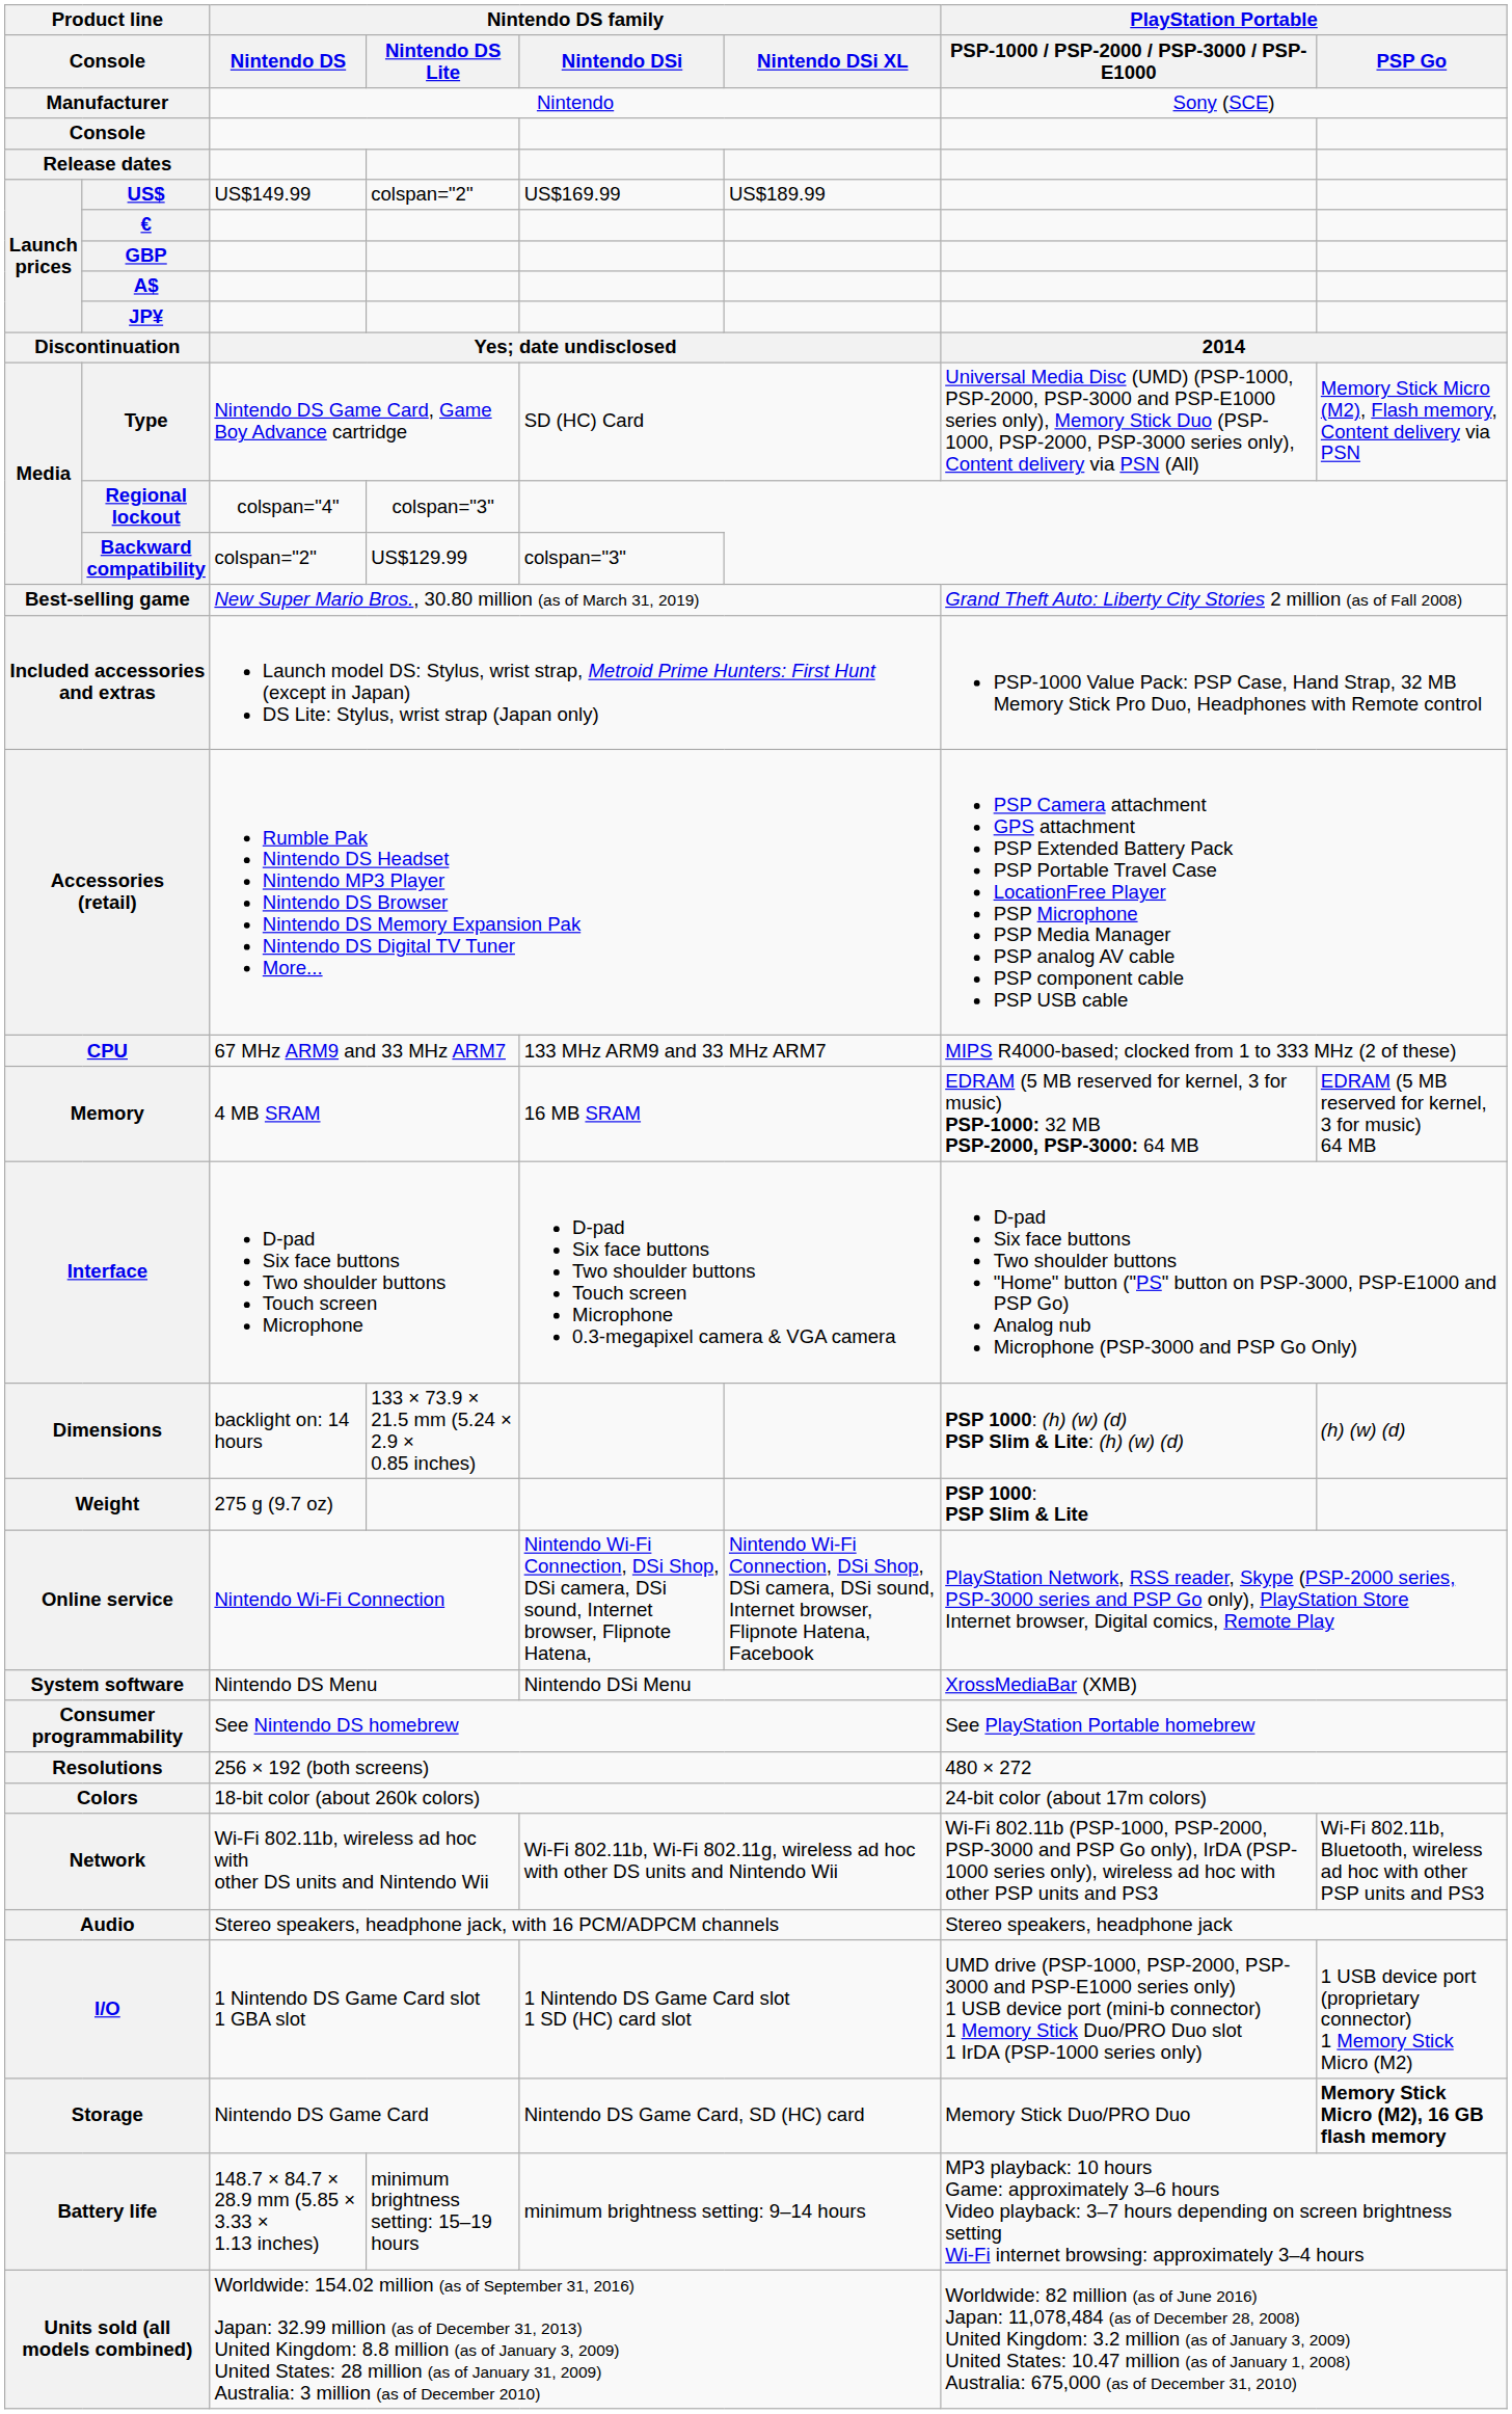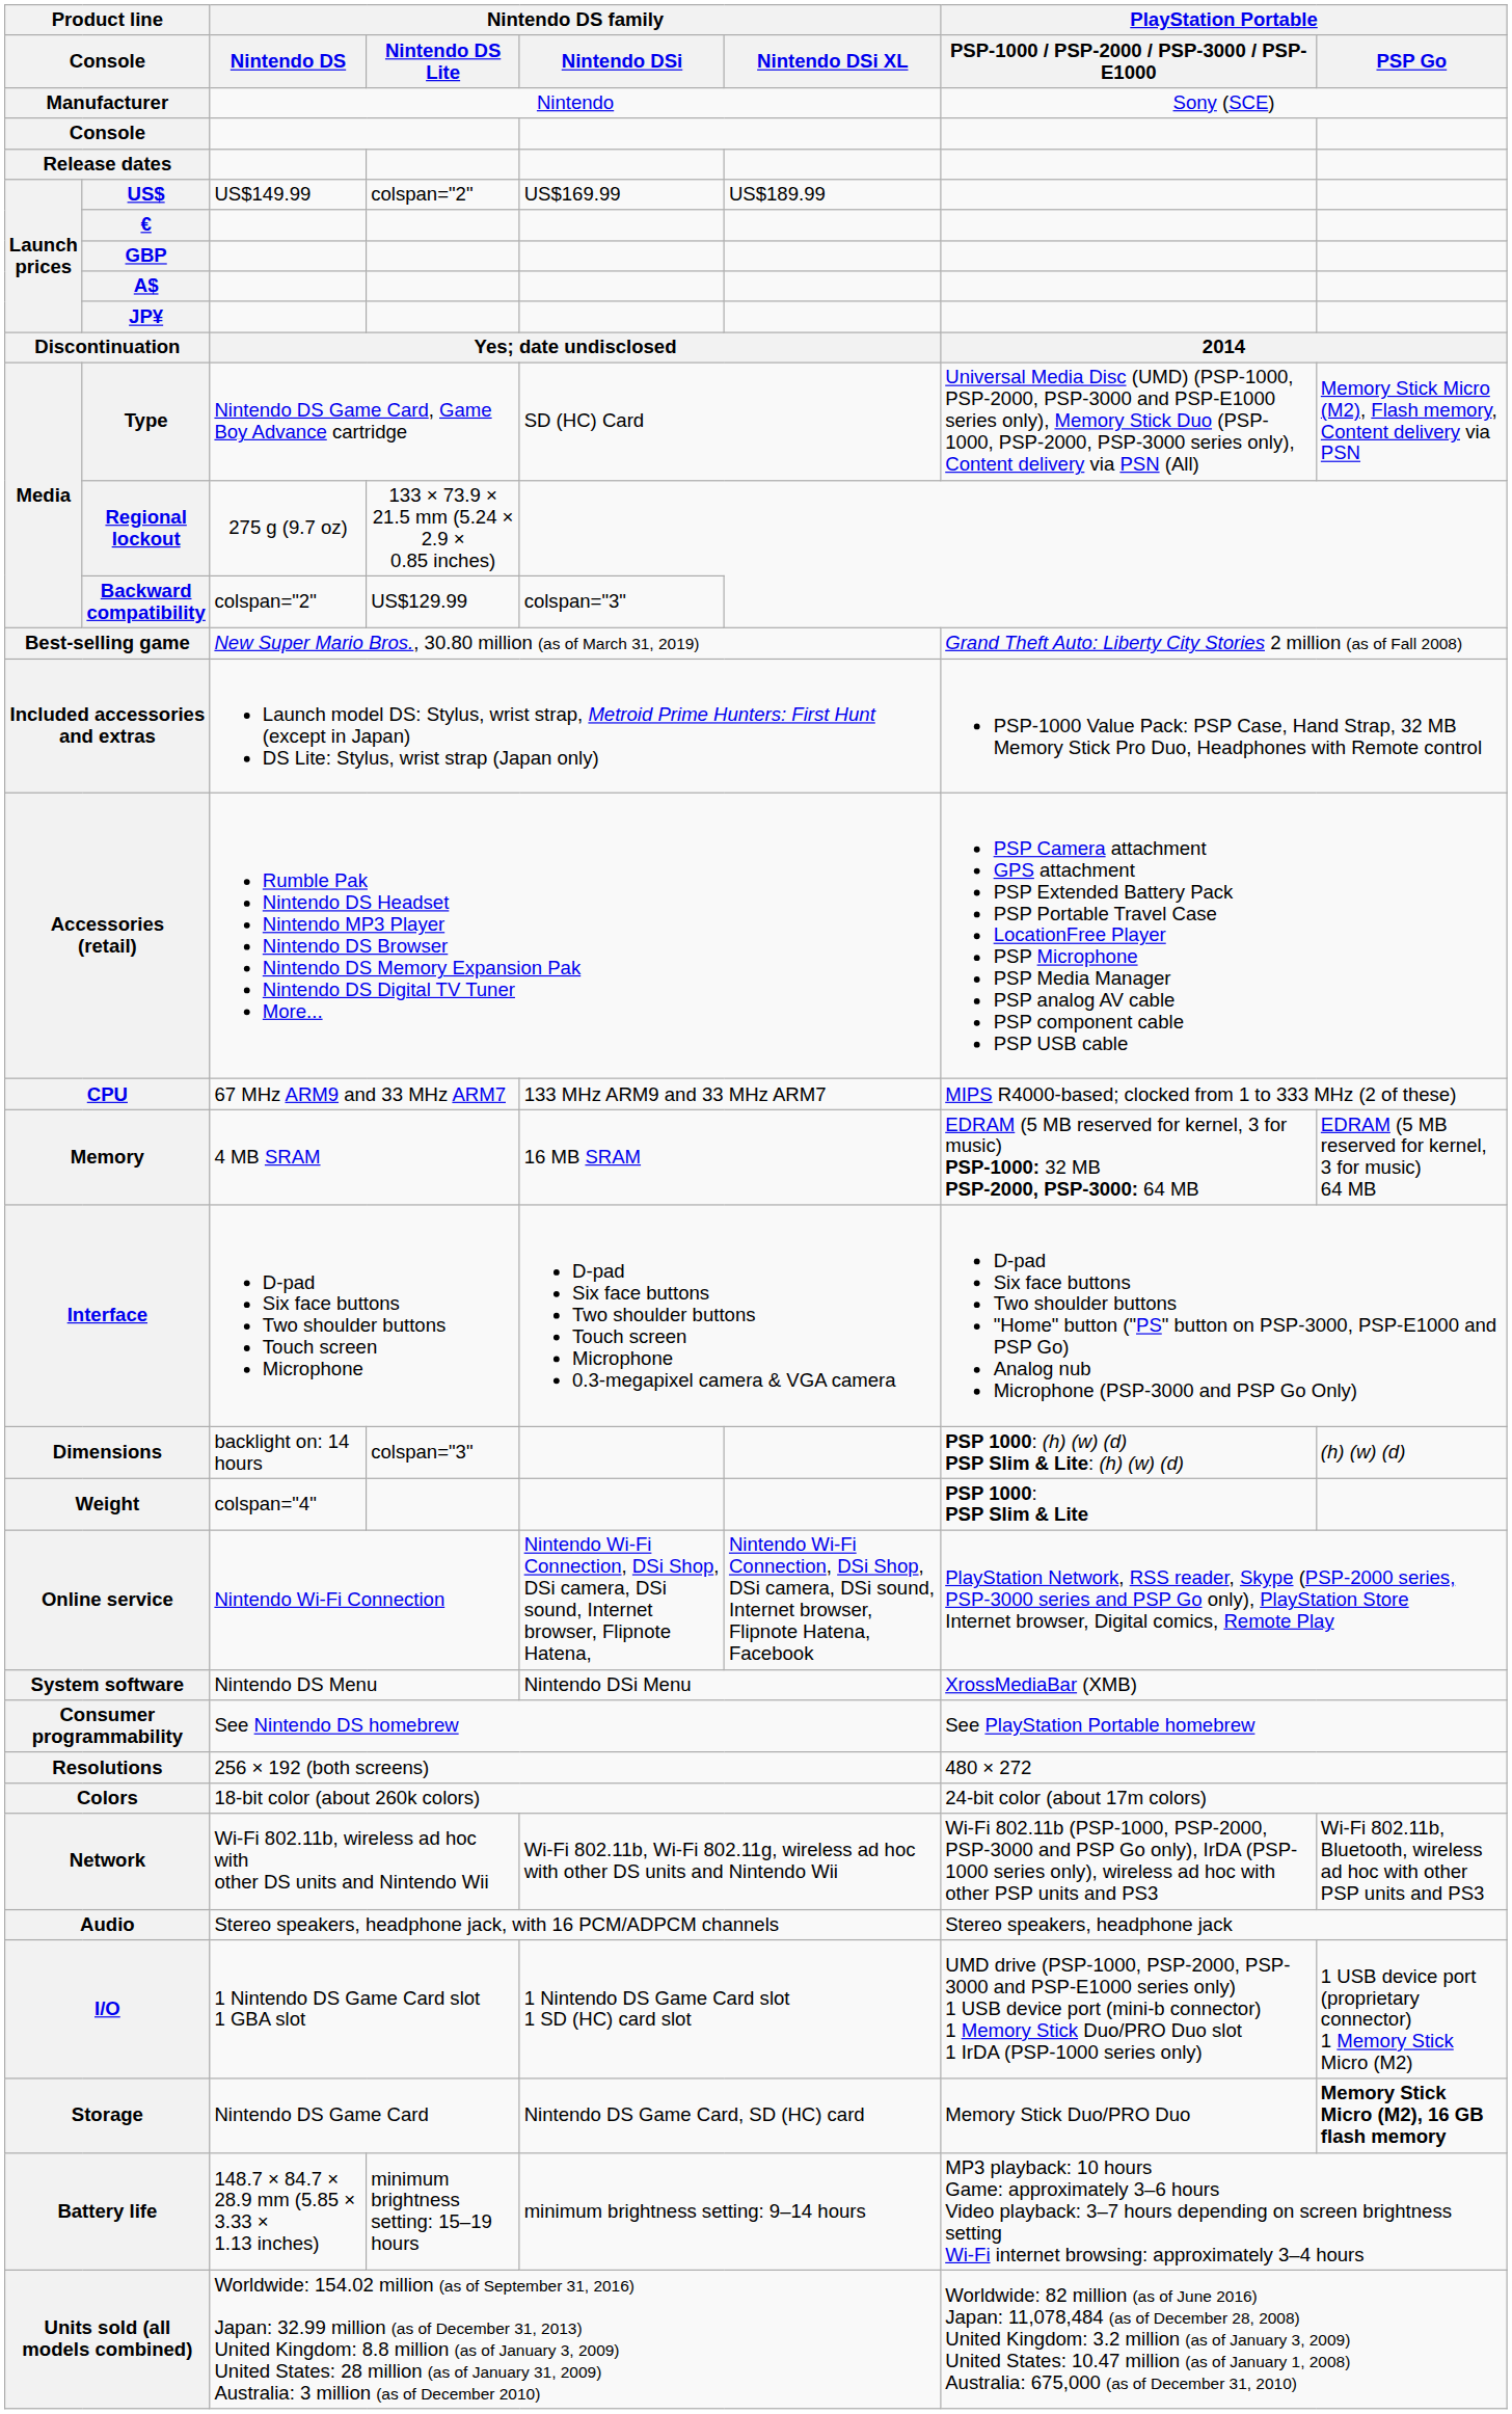 <table class="wikitable">
 <tr>
 <th colspan="2">Product line</th>
 <th colspan="4">Nintendo DS family</th>
 <th colspan="3"><a href='#'>PlayStation Portable</a></th>
 </tr>
 <tr>
 <th colspan="2" style="width: 5%">Console</th>
 <th><a href='#'>Nintendo DS</a></th>
 <th><a href='#'>Nintendo DS Lite</a></th>
 <th><a href='#'>Nintendo DSi</a></th>
 <th><a href='#'>Nintendo DSi XL</a></th>
 <th colspan="2">PSP-1000 / PSP-2000 / PSP-3000 /  PSP-E1000</th>
 <th><a href='#'>PSP Go</a></th>
 </tr>
 <tr style="text-align:center;">
 <th colspan="2">Manufacturer</th>
 <td colspan="4"><a href='#'>Nintendo</a></td>
 <td colspan="3"><a href='#'>Sony</a> (<a href='#'>SCE</a>)</td>
 </tr>
 <tr style="text-align:center;">
 <th colspan="2">Console</th>
 <td colspan="2"> </td>
 <td colspan="2"> </td>
 <td colspan="2" style="width: 25%;">   </td>
 <td></td>
 </tr>
 <tr>
 <th colspan="2">Release dates</th>
 <td></td>
 <td></td>
 <td></td>
 <td></td>
 <td colspan="2"></td>
 <td></td>
 </tr>
 <tr>
 <th rowspan="5">Launch prices</th>
 <th><a href='#'>US$</a></th>
 <td>US$149.99</td>
 <td>colspan="2" </td>
 <td>US$169.99</td>
 <td>US$189.99</td>
 <td colspan="2"></td>
 <td></td>
 </tr>
 <tr>
 <th><a href='#'>€</a></th>
 <td></td>
 <td></td>
 <td></td>
 <td></td>
 <td colspan="2"></td>
 <td></td>
 </tr>
 <tr>
 <th><a href='#'>GBP</a></th>
 <td></td>
 <td></td>
 <td></td>
 <td></td>
 <td colspan="2"></td>
 <td></td>
 </tr>
 <tr>
 <th><a href='#'>A$</a></th>
 <td></td>
 <td></td>
 <td></td>
 <td></td>
 <td colspan="2"></td>
 <td></td>
 </tr>
 <tr>
 <th><a href='#'>JP¥</a></th>
 <td></td>
 <td></td>
 <td></td>
 <td></td>
 <td colspan="2"></td>
 <td></td>
 </tr>
 <tr>
 <th colspan="2">Discontinuation</th>
 <th colspan="4">Yes; date undisclosed</th>
 <th colspan="3">2014</th>
 </tr>
 <tr>
 <th rowspan="3">Media</th>
 <th>Type</th>
 <td colspan="2"><a href='#'>Nintendo DS Game Card</a>, <a href='#'>Game Boy Advance</a> cartridge</td>
 <td colspan="2">SD (HC) Card</td>
 <td colspan="2"><a href='#'>Universal Media Disc</a> (UMD) (PSP-1000, PSP-2000, PSP-3000 and PSP-E1000 series only), <a href='#'>Memory Stick Duo</a> (PSP-1000, PSP-2000, PSP-3000 series only), <a href='#'>Content delivery</a> via <a href='#'>PSN</a> (All)</td>
 <td><a href='#'>Memory Stick Micro (M2)</a>, <a href='#'>Flash memory</a>, <a href='#'>Content delivery</a> via <a href='#'>PSN</a></td>
 </tr>
 <tr style="text-align:center;">
 <th><a href='#'>Regional lockout</a></th>
-<td>colspan="4" </td>
-<td>colspan="3" </td>
+<td>275 g (9.7 oz)</td>
+<td>133 × 73.9 × 21.5 mm (5.24 × 2.9 × 0.85 inches)</td>
 </tr>
 <tr>
 <th><a href='#'>Backward compatibility</a></th>
 <td>colspan="2" </td>
 <td>US$129.99</td>
 <td>colspan="3" </td>
 </tr>
 <tr>
 <th colspan="2">Best-selling game</th>
 <td colspan="4"><em><a href='#'>New Super Mario Bros.</a></em>, 30.80 million <small>(as of March 31, 2019)</small></td>
 <td colspan="3"><em><a href='#'>Grand Theft Auto: Liberty City Stories</a></em> 2 million <small>(as of Fall 2008)</small></td>
 </tr>
 <tr>
 <th colspan="2">Included accessories and extras</th>
 <td colspan="4"><br><ul><li>Launch model DS: Stylus, wrist strap, <em><a href='#'>Metroid Prime Hunters: First Hunt</a></em> (except in Japan)</li><li>DS Lite: Stylus, wrist strap (Japan only)</li></ul></td>
 <td colspan="3"><br><ul><li>PSP-1000 Value Pack: PSP Case, Hand Strap, 32 MB Memory Stick Pro Duo, Headphones with Remote control</li></ul></td>
 </tr>
 <tr>
 <th colspan="2">Accessories<br>(retail)</th>
 <td colspan="4"><br><ul><li><a href='#'>Rumble Pak</a></li><li><a href='#'>Nintendo DS Headset</a></li><li><a href='#'>Nintendo MP3 Player</a></li><li><a href='#'>Nintendo DS Browser</a></li><li><a href='#'>Nintendo DS Memory Expansion Pak</a></li><li><a href='#'>Nintendo DS Digital TV Tuner</a></li><li><a href='#'>More...</a></li></ul></td>
 <td colspan="3"><br><ul><li><a href='#'>PSP Camera</a> attachment</li><li><a href='#'>GPS</a> attachment</li><li>PSP Extended Battery Pack</li><li>PSP Portable Travel Case</li><li><a href='#'>LocationFree Player</a></li><li>PSP <a href='#'>Microphone</a></li><li>PSP Media Manager</li><li>PSP analog AV cable</li><li>PSP component cable</li><li>PSP USB cable</li></ul></td>
 </tr>
 <tr>
 <th colspan="2"><a href='#'>CPU</a></th>
 <td colspan="2">67 MHz <a href='#'>ARM9</a> and 33 MHz <a href='#'>ARM7</a></td>
 <td colspan="2">133 MHz ARM9 and 33 MHz ARM7</td>
 <td colspan="3"><a href='#'>MIPS</a> R4000-based; clocked from 1 to 333 MHz (2 of these)</td>
 </tr>
 <tr>
 <th colspan="2">Memory</th>
 <td colspan="2">4 MB <a href='#'>SRAM</a></td>
 <td colspan="2">16 MB <a href='#'>SRAM</a></td>
 <td colspan="2"><a href='#'>EDRAM</a> (5 MB reserved for kernel, 3 for music)<br><strong>PSP-1000:</strong> 32 MB<br><strong>PSP-2000, PSP-3000:</strong> 64 MB</td>
 <td><a href='#'>EDRAM</a> (5 MB reserved for kernel, 3 for music)<br>64 MB</td>
 </tr>
 <tr>
 <th colspan="2"><a href='#'>Interface</a></th>
 <td colspan="2"><br><ul><li>D-pad</li><li>Six face buttons</li><li>Two shoulder buttons</li><li>Touch screen</li><li>Microphone</li></ul></td>
 <td colspan="2"><br><ul><li>D-pad</li><li>Six face buttons</li><li>Two shoulder buttons</li><li>Touch screen</li><li>Microphone</li><li>0.3-megapixel camera & VGA camera</li></ul></td>
 <td colspan="3"><br><ul><li>D-pad</li><li>Six face buttons</li><li>Two shoulder buttons</li><li>"Home" button ("<a href='#'>PS</a>" button on PSP-3000, PSP-E1000 and PSP Go)</li><li>Analog nub</li><li>Microphone (PSP-3000 and PSP Go Only)</li></ul></td>
 </tr>
 <tr>
 <th colspan="2">Dimensions</th>
 <td>backlight on: 14 hours</td>
-<td>133 × 73.9 × 21.5 mm (5.24 × 2.9 × 0.85 inches)</td>
+<td>colspan="3" </td>
 <td></td>
 <td></td>
 <td colspan="2"><strong>PSP 1000</strong>:  <em>(h)</em>  <em>(w)</em>  <em>(d)</em><br><strong>PSP Slim & Lite</strong>: <em>(h)</em>  <em>(w)</em>  <em>(d)</em></td>
 <td> <em>(h)</em>  <em>(w)</em>  <em>(d)</em></td>
 </tr>
 <tr>
 <th colspan="2">Weight</th>
-<td>275 g (9.7 oz)</td>
+<td>colspan="4" </td>
 <td></td>
 <td></td>
 <td></td>
 <td colspan="2"><strong>PSP 1000</strong>: <br><strong>PSP Slim & Lite</strong> </td>
 <td></td>
 </tr>
 <tr>
 <th colspan="2">Online service</th>
 <td colspan="2"><a href='#'>Nintendo Wi-Fi Connection</a></td>
 <td><a href='#'>Nintendo Wi-Fi Connection</a>, <a href='#'>DSi Shop</a>, DSi camera, DSi sound, Internet browser, Flipnote Hatena,</td>
 <td><a href='#'>Nintendo Wi-Fi Connection</a>, <a href='#'>DSi Shop</a>, DSi camera, DSi sound, Internet browser, Flipnote Hatena, Facebook</td>
 <td colspan="3"><a href='#'>PlayStation Network</a>, <a href='#'>RSS reader</a>, <a href='#'>Skype</a> (<a href='#'>PSP-2000 series, PSP-3000 series and PSP Go</a> only), <a href='#'>PlayStation Store</a><br>Internet browser, Digital comics, <a href='#'>Remote Play</a></td>
 </tr>
 <tr>
 <th colspan="2">System software</th>
 <td colspan="2">Nintendo DS Menu</td>
 <td colspan="2">Nintendo DSi Menu</td>
 <td colspan="3"><a href='#'>XrossMediaBar</a> (XMB)</td>
 </tr>
 <tr>
 <th colspan="2">Consumer programmability</th>
 <td colspan="4">See <a href='#'>Nintendo DS homebrew</a></td>
 <td colspan="3">See <a href='#'>PlayStation Portable homebrew</a></td>
 </tr>
 <tr>
 <th colspan="2">Resolutions</th>
 <td colspan="4">256 × 192 (both screens)</td>
 <td colspan="3">480 × 272</td>
 </tr>
 <tr>
 <th colspan="2">Colors</th>
 <td colspan="4">18-bit color (about 260k colors)</td>
 <td colspan="3">24-bit color (about 17m colors)</td>
 </tr>
 <tr>
 <th colspan="2">Network</th>
 <td colspan="2">Wi-Fi 802.11b, wireless ad hoc with<br>other DS units and Nintendo Wii</td>
 <td colspan="2">Wi-Fi 802.11b, Wi-Fi 802.11g, wireless ad hoc with other DS units and Nintendo Wii</td>
 <td colspan="2">Wi-Fi 802.11b (PSP-1000, PSP-2000, PSP-3000 and PSP Go only), IrDA (PSP-1000 series only), wireless ad hoc with other PSP units and PS3</td>
 <td>Wi-Fi 802.11b, Bluetooth, wireless ad hoc with other PSP units and PS3</td>
 </tr>
 <tr>
 <th colspan="2">Audio</th>
 <td colspan="4">Stereo speakers, headphone jack, with 16 PCM/ADPCM channels</td>
 <td colspan="3">Stereo speakers, headphone jack</td>
 </tr>
 <tr>
 <th colspan="2"><a href='#'>I/O</a></th>
 <td colspan="2">1 Nintendo DS Game Card slot<br>1 GBA slot</td>
 <td colspan="2">1 Nintendo DS Game Card slot<br>1 SD (HC) card slot</td>
 <td colspan="2">UMD drive (PSP-1000, PSP-2000, PSP-3000 and PSP-E1000 series only)<br>1 USB device port (mini-b connector)<br>1 <a href='#'>Memory Stick</a> Duo/PRO Duo slot<br>1 IrDA (PSP-1000 series only)</td>
 <td><br>1 USB device port (proprietary connector)<br>1 <a href='#'>Memory Stick</a> Micro (M2)</td>
 </tr>
 <tr>
 <th colspan="2">Storage</th>
 <td colspan="2">Nintendo DS Game Card</td>
 <td colspan="2">Nintendo DS Game Card, SD (HC) card</td>
 <td colspan="2">Memory Stick Duo/PRO Duo</td>
 <td><strong>Memory Stick Micro (M2), 16 GB flash memory</strong></td>
 </tr>
 <tr>
 <th colspan="2">Battery life</th>
 <td>148.7 × 84.7 × 28.9 mm (5.85 × 3.33 × 1.13 inches)</td>
 <td>minimum brightness setting: 15–19 hours</td>
 <td colspan="2">minimum brightness setting: 9–14 hours</td>
 <td colspan="3">MP3 playback: 10 hours<br>Game: approximately 3–6 hours<br>Video playback: 3–7 hours depending on screen brightness setting<br><a href='#'>Wi-Fi</a> internet browsing: approximately 3–4 hours</td>
 </tr>
 <tr>
 <th colspan="2">Units sold (all models combined)</th>
 <td colspan="4">Worldwide: 154.02 million <small>(as of September 31, 2016)</small><br><br>Japan: 32.99 million <small>(as of December 31, 2013)</small><br> United Kingdom: 8.8 million <small>(as of January 3, 2009)</small><br> United States: 28 million <small>(as of January 31, 2009)</small><br> Australia: 3 million <small>(as of December 2010)</small></td>
 <td colspan="3">Worldwide: 82 million <small>(as of June 2016)</small><br>Japan: 11,078,484 <small>(as of December 28, 2008)</small><br> United Kingdom: 3.2 million <small>(as of January 3, 2009)</small><br> United States: 10.47 million <small>(as of January 1, 2008)</small><br>Australia: 675,000 <small>(as of December 31, 2010)</small></td>
 </tr>
 </table>
